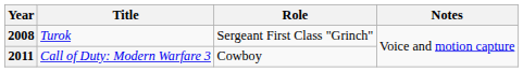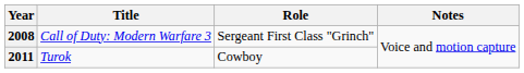 <table class="wikitable plainrowheaders sortable" style="margin-right: 0;">
 <tr>
 <th scope="col">Year</th>
 <th scope="col">Title</th>
 <th scope="col">Role</th>
 <th scope="col">Notes</th>
 </tr>
 <tr>
 <th scope="row">2008</th>
-<td><em><a href='#'>Turok</a></em></td>
+<td><em><a href='#'>Call of Duty: Modern Warfare 3</a></em></td>
 <td>Sergeant First Class "Grinch"</td>
 <td rowspan="2">Voice and <a href='#'>motion capture</a></td>
 </tr>
 <tr>
 <th scope="row">2011</th>
-<td><em><a href='#'>Call of Duty: Modern Warfare 3</a></em></td>
+<td><em><a href='#'>Turok</a></em></td>
 <td>Cowboy</td>
 </tr>
 </table>
